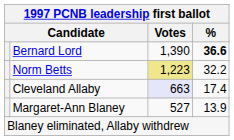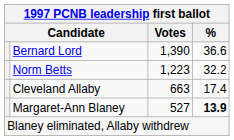 <table class="wikitable" style="font-size: 95%;">
 <tr>
 <th colspan="4"><a href='#'>1997 PCNB leadership</a> first ballot</th>
 </tr>
 <tr style="background:#e9e9e9;">
 <th colspan="2" style="width: 170px">Candidate</th>
 <th style="width: 50px">Votes</th>
 <th style="width: 40px">%</th>
 </tr>
 <tr>
 <th></th>
 <td style="width: 170px"><a href='#'>Bernard Lord</a></td>
 <td style="text-align:right;">1,390</td>
-<td style="text-align:right;"><strong>36.6</strong></td>
+<td style="text-align:right;">36.6</td>
 </tr>
 <tr>
 <th></th>
 <td style="width: 170px"><a href='#'>Norm Betts</a></td>
-<td style="background: khaki; text-align:right;">1,223</td>
+<td style="text-align:right;">1,223</td>
 <td style="text-align:right;">32.2</td>
 </tr>
 <tr>
 <th></th>
 <td style="width: 170px">Cleveland Allaby</td>
-<td style="background: lavender; text-align:right;">663</td>
+<td style="text-align:right;">663</td>
 <td style="text-align:right;">17.4</td>
 </tr>
 <tr>
 <th></th>
 <td style="width: 170px">Margaret-Ann Blaney</td>
 <td style="text-align:right;">527</td>
-<td style="text-align:right;">13.9</td>
+<td style="text-align:right;"><strong>13.9</strong></td>
 </tr>
 <tr style="background:#f6f6f6;">
 <td colspan="4">Blaney eliminated, Allaby withdrew</td>
 </tr>
 </table>
